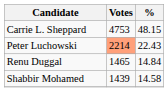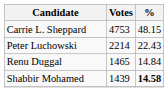 <table class="wikitable">
 <tr>
 <th bgcolor="#DDDDFF" width="150px">Candidate</th>
 <th bgcolor="#DDDDFF">Votes</th>
 <th bgcolor="#DDDDFF">%</th>
 </tr>
 <tr>
 <td>Carrie L. Sheppard</td>
 <td>4753</td>
 <td>48.15</td>
 </tr>
 <tr>
 <td>Peter Luchowski</td>
-<td style="background: lightsalmon;">2214</td>
+<td>2214</td>
 <td>22.43</td>
 </tr>
 <tr>
 <td>Renu Duggal</td>
 <td>1465</td>
 <td>14.84</td>
 </tr>
 <tr>
 <td>Shabbir Mohamed</td>
 <td>1439</td>
-<td>14.58</td>
+<td><strong>14.58</strong></td>
 </tr>
 <tr>
 </tr>
 </table>
